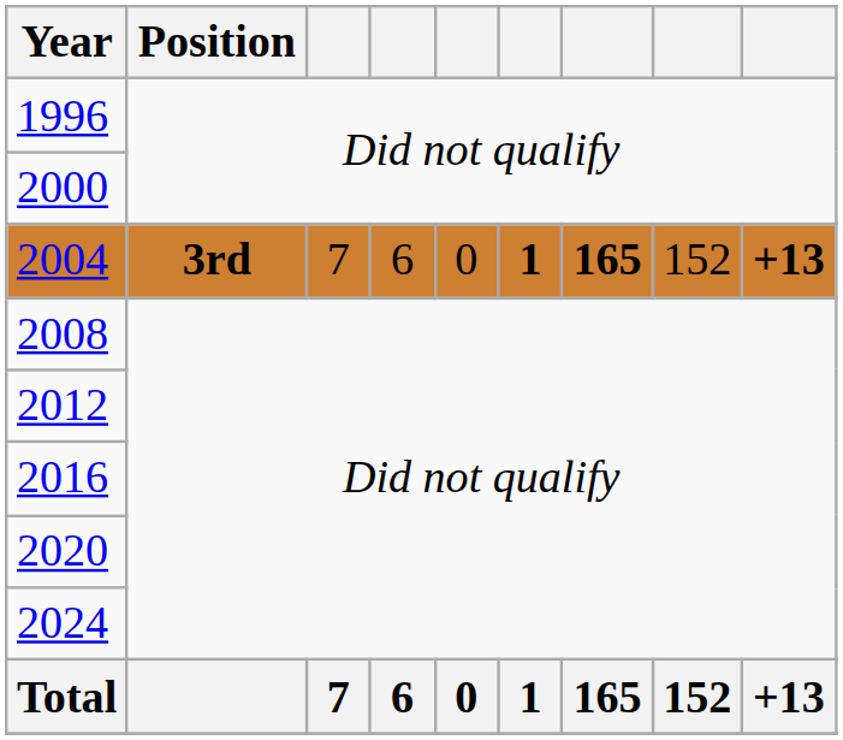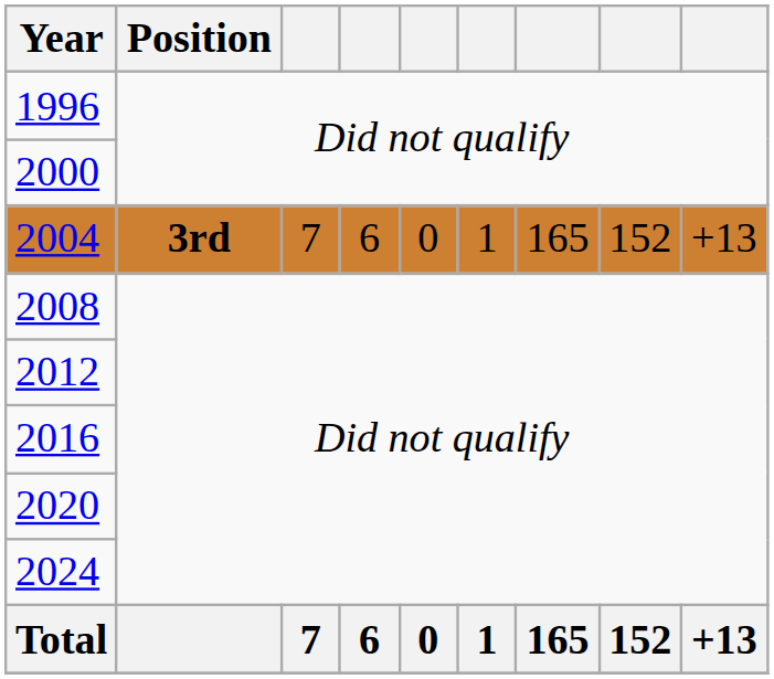 <table class="wikitable" style="text-align: center;">
 <tr>
 <th>Year</th>
 <th>Position</th>
 <th width="15"></th>
 <th width="15"></th>
 <th width="15"></th>
 <th width="15"></th>
 <th></th>
 <th></th>
 <th></th>
 </tr>
 <tr>
 <td style="text-align: left;"> <a href='#'>1996</a></td>
 <td colspan="8" rowspan=2><em>Did not qualify</em></td>
 </tr>
 <tr>
 <td style="text-align: left;"> <a href='#'>2000</a></td>
 </tr>
 <tr bgcolor=CD7F32>
 <td style="text-align: left;"> <a href='#'>2004</a></td>
 <td><strong>3rd</strong></td>
 <td>7</td>
 <td>6</td>
 <td>0</td>
-<td><strong>1</strong></td>
-<td><strong>165</strong></td>
+<td>1</td>
+<td>165</td>
 <td>152</td>
-<td><strong>+13</strong></td>
+<td>+13</td>
 </tr>
 <tr>
 <td style="text-align: left;"> <a href='#'>2008</a></td>
 <td colspan="8" rowspan=5><em>Did not qualify</em></td>
 </tr>
 <tr>
 <td style="text-align: left;"> <a href='#'>2012</a></td>
 </tr>
 <tr>
 <td style="text-align: left;"> <a href='#'>2016</a></td>
 </tr>
 <tr>
 <td style="text-align: left;"> <a href='#'>2020</a></td>
 </tr>
 <tr>
 <td style="text-align: left;"> <a href='#'>2024</a></td>
 </tr>
 <tr>
 <th>Total</th>
 <th></th>
 <th>7</th>
 <th>6</th>
 <th>0</th>
 <th>1</th>
 <th>165</th>
 <th>152</th>
 <th>+13</th>
 </tr>
 <tr>
 </tr>
 </table>
